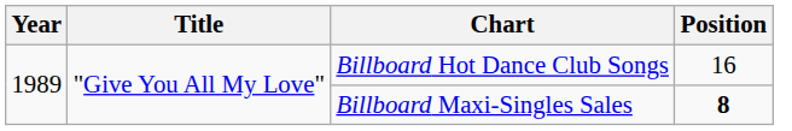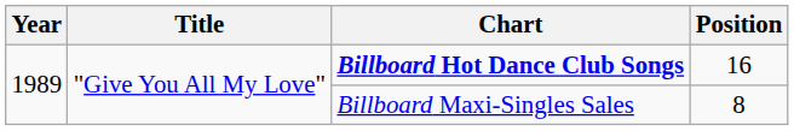 <table class="wikitable">
 <tr>
 <th>Year</th>
 <th>Title</th>
 <th>Chart</th>
 <th>Position</th>
 </tr>
 <tr>
 <td rowspan="2">1989</td>
 <td rowspan="2">"<a href='#'>Give You All My Love</a>"</td>
-<td><a href='#'><em>Billboard</em> Hot Dance Club Songs</a></td>
+<td><strong><a href='#'><em>Billboard</em> Hot Dance Club Songs</a></strong></td>
 <td align="center">16</td>
 </tr>
 <tr>
 <td><a href='#'><em>Billboard</em> Maxi-Singles Sales</a></td>
-<td align="center"><strong>8</strong></td>
+<td align="center">8</td>
 </tr>
 </table>
